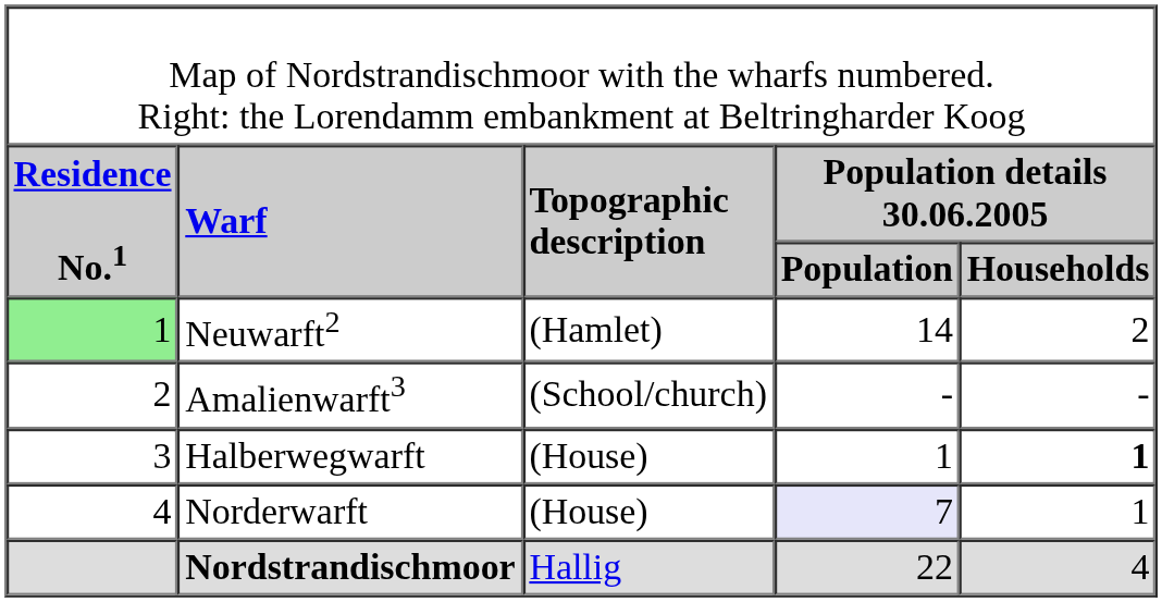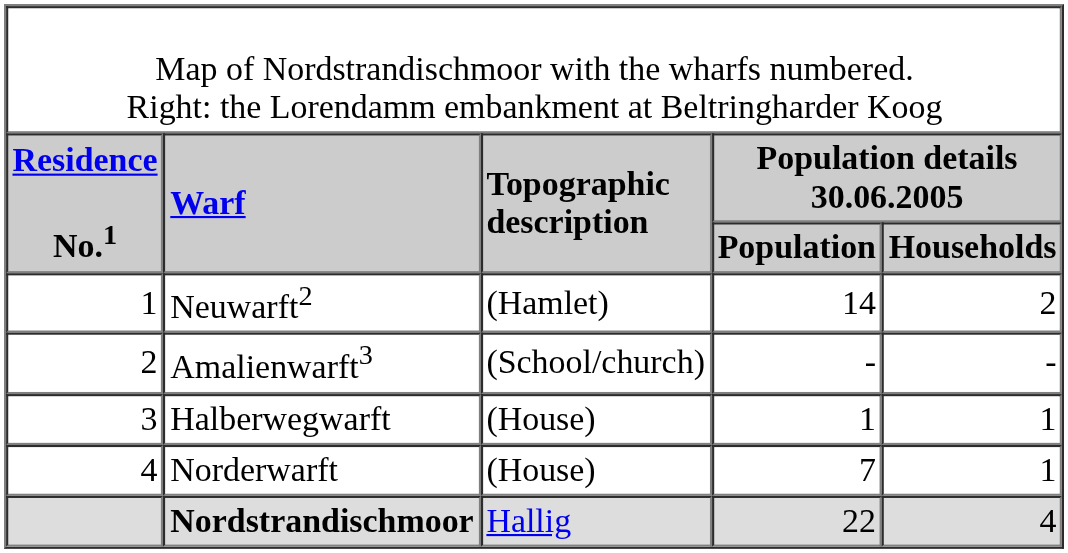 <table border="1" cellpadding="2" cellspacing="0">
 <tr>
 <td colspan="5" align="center"><br>Map of Nordstrandischmoor with the wharfs numbered.<br>Right: the Lorendamm embankment at Beltringharder Koog</td>
 </tr>
 <tr style="background: #CCC;">
 <th rowspan="2" align ="center"><a href='#'>Residence</a><br><br>No.<sup>1</sup></th>
 <th rowspan="2" align ="left"><a href='#'>Warf</a></th>
 <th rowspan="2" align="left">Topographic<br>description</th>
 <th colspan="2">Population details<br>30.06.2005</th>
 </tr>
 <tr style="background: #CCC;">
 <th align="right">Population</th>
 <th align="right">Households</th>
 </tr>
 <tr>
-<td align="right" style="background: lightgreen;">1</td>
+<td align="right">1</td>
 <td>Neuwarft<sup>2</sup></td>
 <td>(Hamlet)</td>
 <td align="right">14</td>
 <td align="right">2</td>
 </tr>
 <tr>
 <td align="right">2</td>
 <td>Amalienwarft<sup>3</sup></td>
 <td>(School/church)</td>
 <td align="right">-</td>
 <td align="right">-</td>
 </tr>
 <tr>
 <td align="right">3</td>
 <td>Halberwegwarft</td>
 <td>(House)</td>
 <td align="right">1</td>
-<td align="right"><strong>1</strong></td>
+<td align="right">1</td>
 </tr>
 <tr>
 <td align="right">4</td>
 <td>Norderwarft</td>
 <td>(House)</td>
-<td align="right" style="background: lavender;">7</td>
+<td align="right">7</td>
 <td align="right">1</td>
 </tr>
 <tr>
 </tr>
 <tr style="background: #DDD;">
 <td align="right"> </td>
 <td><strong>Nordstrandischmoor</strong></td>
 <td><a href='#'>Hallig</a></td>
 <td align="right">22</td>
 <td align="right">4</td>
 </tr>
 <tr>
 </tr>
 </table>
